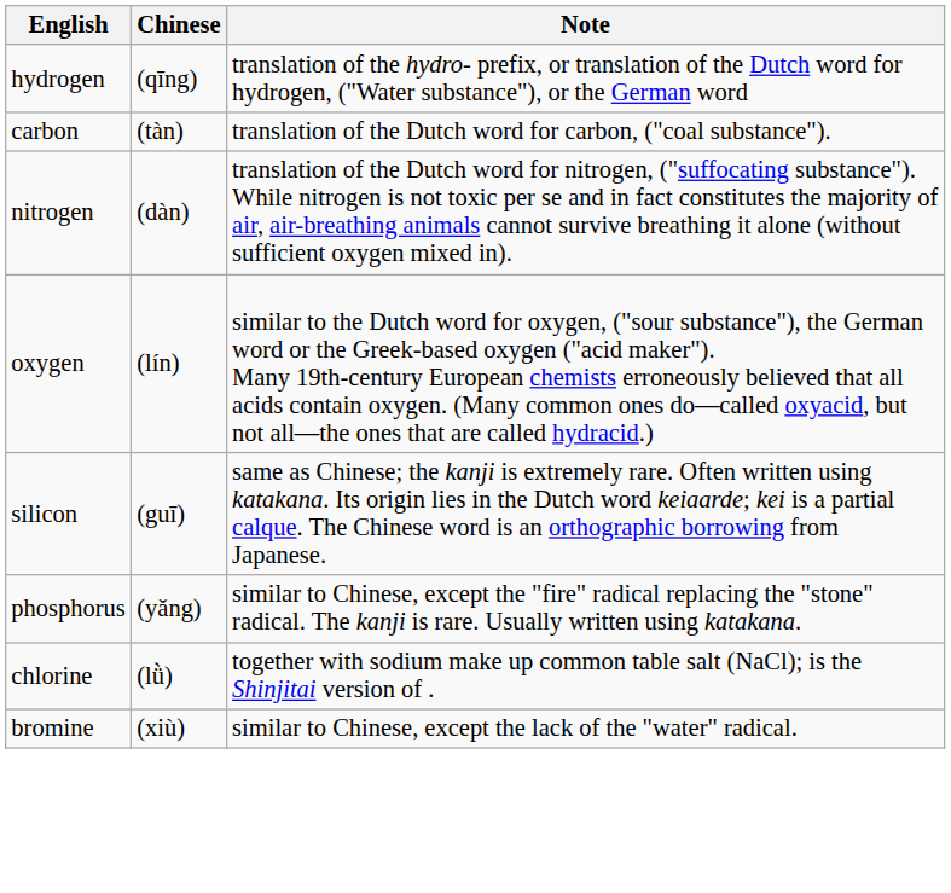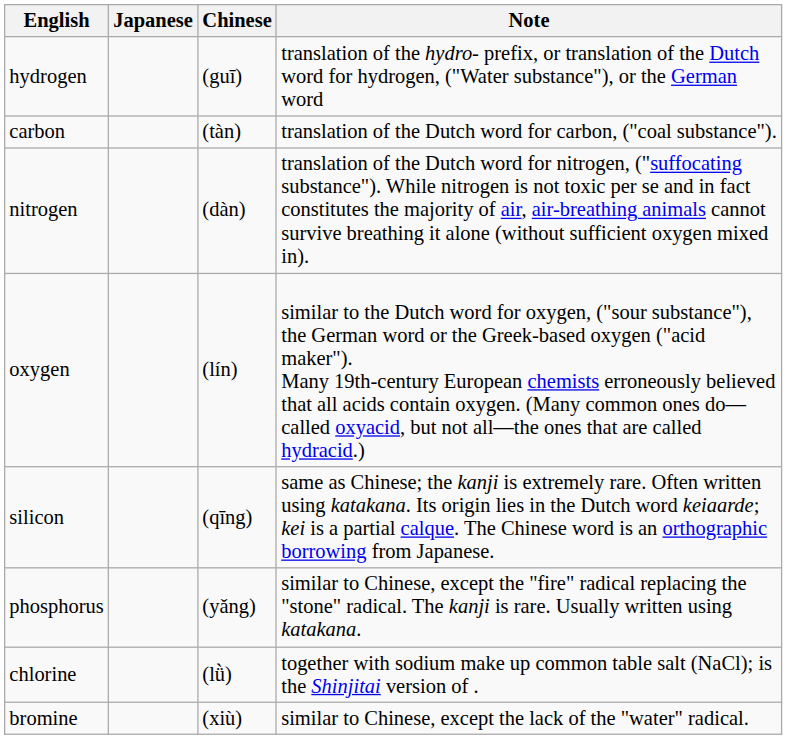 <table class="wikitable">
 <tr>
 <th>English</th>
+<th>Japanese</th>
 <th>Chinese</th>
 <th>Note</th>
 </tr>
 <tr>
 <td>hydrogen</td>
-<td> (qīng)</td>
+<td></td>
+<td> (guī)</td>
 <td>translation of the <em>hydro-</em> prefix, or translation of the <a href='#'>Dutch</a> word for hydrogen, <em></em> ("Water substance"), or the <a href='#'>German</a> word <em></em></td>
 </tr>
 <tr>
 <td>carbon</td>
+<td></td>
 <td> (tàn)</td>
 <td>translation of the Dutch word for carbon, <em></em> ("coal substance").</td>
 </tr>
 <tr>
 <td>nitrogen</td>
+<td></td>
 <td> (dàn)</td>
 <td>translation of the Dutch word for nitrogen, <em></em> ("<a href='#'>suffocating</a> substance"). While nitrogen is not toxic per se and in fact constitutes the majority of <a href='#'>air</a>, <a href='#'>air-breathing animals</a> cannot survive breathing it alone (without sufficient oxygen mixed in).</td>
 </tr>
 <tr>
 <td>oxygen</td>
+<td></td>
 <td> (lín)</td>
 <td><br>similar to the Dutch word for oxygen, <em></em> ("sour substance"), the German word <em></em> or the Greek-based oxygen ("acid maker"). <br> Many 19th-century European <a href='#'>chemists</a> erroneously believed that all acids contain oxygen. (Many common ones do—called <a href='#'>oxyacid</a>, but not all—the ones that are called <a href='#'>hydracid</a>.)</td>
 </tr>
 <tr>
 <td>silicon</td>
-<td> (guī)</td>
+<td></td>
+<td> (qīng)</td>
 <td>same as Chinese; the <em>kanji</em>  is extremely rare. Often written  using <em>katakana</em>. Its origin lies in the Dutch word <em>keiaarde</em>; <em>kei</em> is a partial <a href='#'>calque</a>. The Chinese word is an <a href='#'>orthographic borrowing</a> from Japanese.</td>
 </tr>
 <tr>
 <td>phosphorus</td>
+<td></td>
 <td> (yǎng)</td>
 <td>similar to Chinese, except the "fire" radical replacing the "stone" radical. The <em>kanji</em>  is rare. Usually written  using <em>katakana</em>.</td>
 </tr>
 <tr>
 <td>chlorine</td>
+<td></td>
 <td> (lǜ)</td>
 <td>together with sodium make up common table salt (NaCl);  is the <em><a href='#'>Shinjitai</a></em> version of .</td>
 </tr>
 <tr>
 <td>bromine</td>
+<td></td>
 <td> (xiù)</td>
 <td>similar to Chinese, except the lack of the "water" radical.</td>
 </tr>
 </table>
